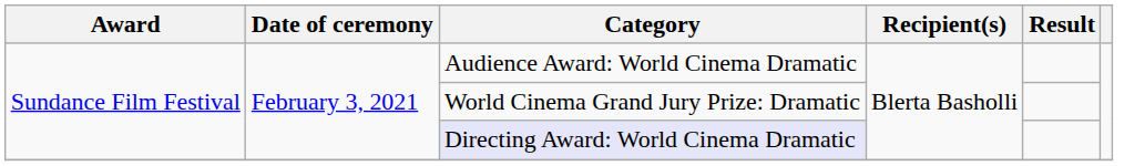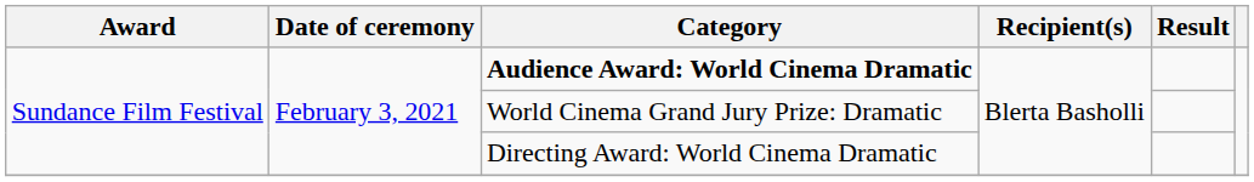 <table class="wikitable sortable plainrowheaders">
 <tr>
 <th scope="col">Award</th>
 <th scope="col">Date of ceremony</th>
 <th scope="col">Category</th>
 <th scope="col">Recipient(s)</th>
 <th scope="col">Result</th>
 <th scope="col" class="unsortable"></th>
 </tr>
 <tr>
 <td rowspan="3"><a href='#'>Sundance Film Festival</a></td>
 <td rowspan="3"><a href='#'>February 3, 2021</a></td>
-<td>Audience Award: World Cinema Dramatic</td>
+<td><strong>Audience Award: World Cinema Dramatic</strong></td>
 <td rowspan="3">Blerta Basholli</td>
 <td></td>
 <td rowspan="3" align="center"></td>
 </tr>
 <tr>
 <td>World Cinema Grand Jury Prize: Dramatic</td>
 <td></td>
 </tr>
 <tr>
-<td style="background: lavender;">Directing Award: World Cinema Dramatic</td>
+<td>Directing Award: World Cinema Dramatic</td>
 <td></td>
 </tr>
 <tr>
 </tr>
 </table>
